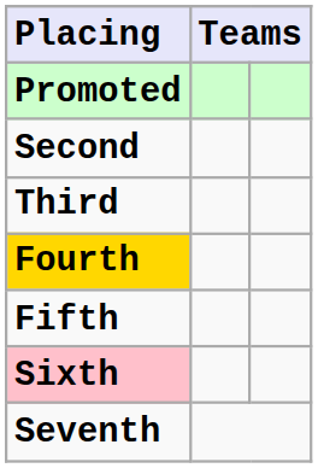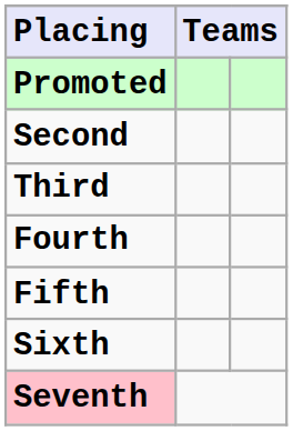 <table class=wikitable>
 <tr>
 </tr>
 <tr style="background: #E6E6FA;">
 <td><strong>Placing</strong></td>
 <td colspan="4" style="text-align:center"><strong>Teams</strong></td>
 </tr>
 <tr style="background: #ccffcc;">
 <td><strong>Promoted</strong></td>
 <td><strong></strong></td>
 <td><strong></strong></td>
 </tr>
 <tr>
 <td><strong>Second</strong></td>
 <td></td>
 <td></td>
 </tr>
 <tr>
 <td><strong>Third</strong></td>
 <td></td>
 <td></td>
 </tr>
 <tr>
-<td style="background: gold;"><strong>Fourth</strong></td>
+<td><strong>Fourth</strong></td>
 <td></td>
 <td></td>
 </tr>
 <tr>
 <td><strong>Fifth</strong></td>
 <td></td>
 <td></td>
 </tr>
 <tr>
-<td style="background: pink;"><strong>Sixth</strong></td>
+<td><strong>Sixth</strong></td>
 <td></td>
 <td></td>
 </tr>
 <tr>
-<td><strong>Seventh</strong></td>
+<td style="background: pink;"><strong>Seventh</strong></td>
 <td colspan=2></td>
 </tr>
 </table>
